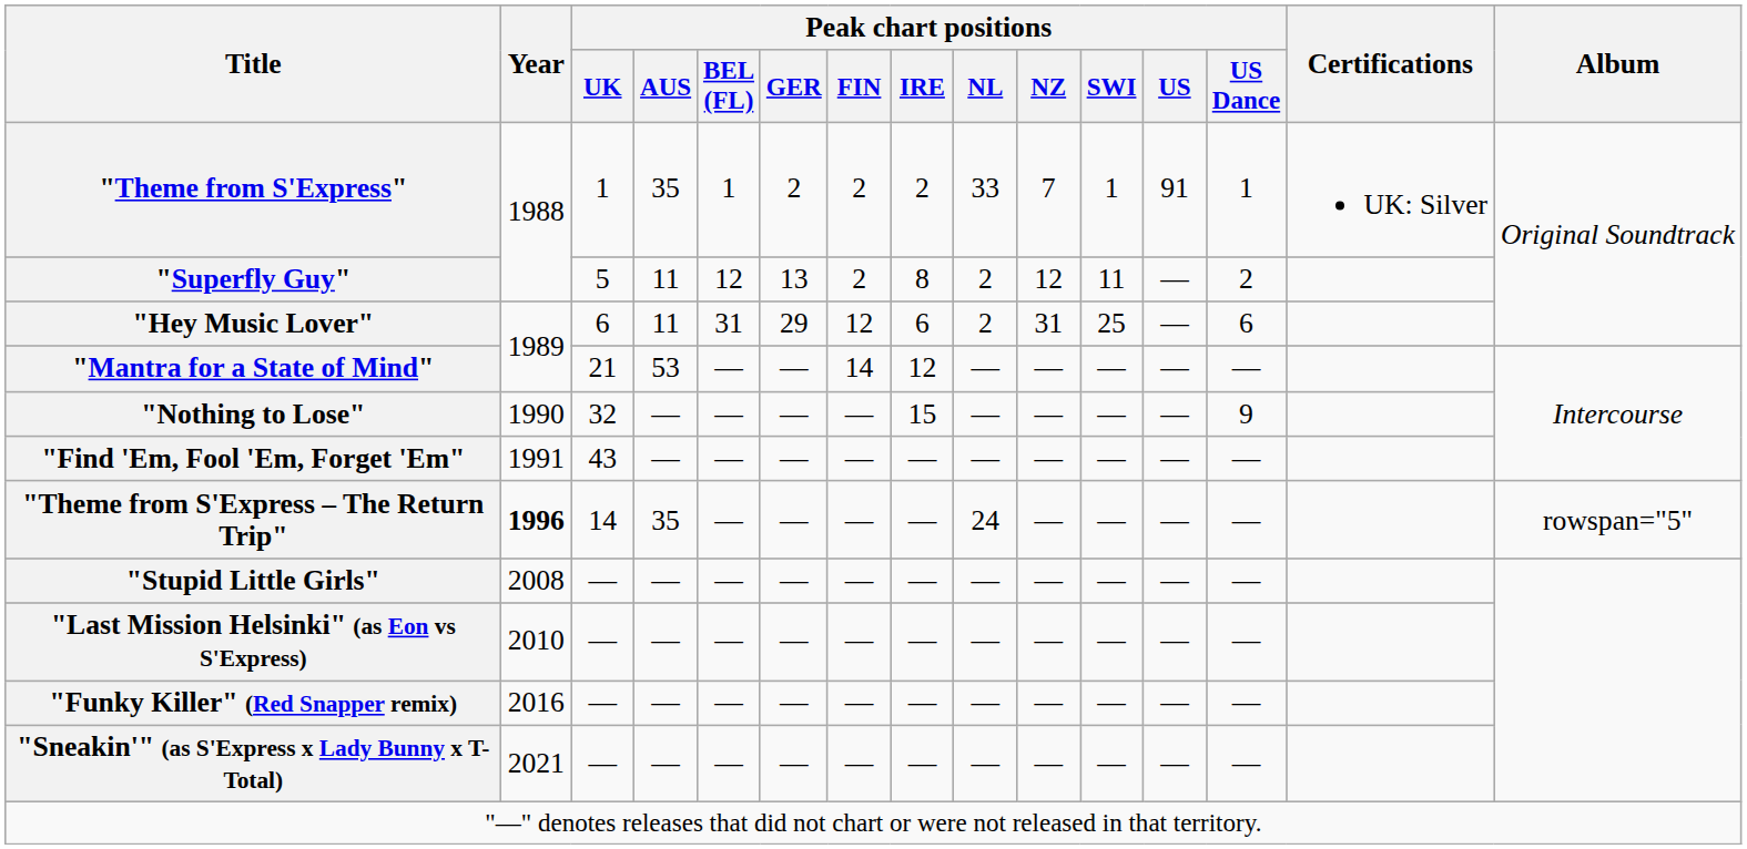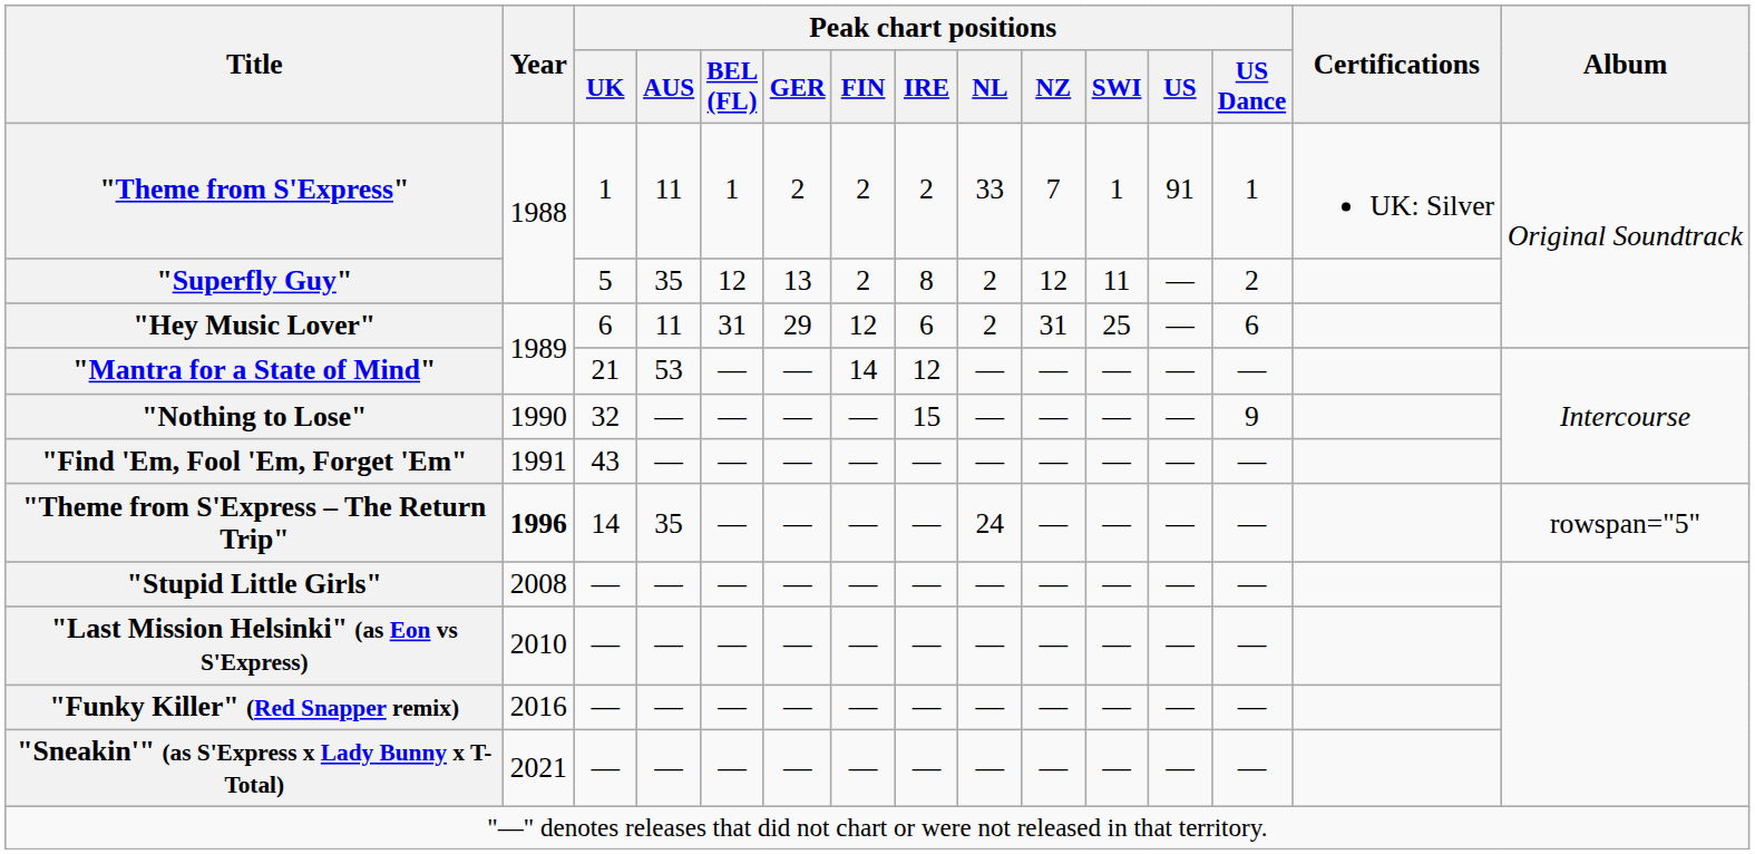 <table class="wikitable plainrowheaders" style="text-align:center;">
 <tr>
 <th rowspan="2" scope="col" style="width:17em;">Title</th>
 <th rowspan="2" scope="col" style="width:2em;">Year</th>
 <th colspan="11">Peak chart positions</th>
 <th rowspan="2">Certifications</th>
 <th rowspan="2">Album</th>
 </tr>
 <tr>
 <th scope="col" style="width:2em;font-size:90%;"><a href='#'>UK</a><br></th>
 <th scope="col" style="width:2em;font-size:90%;"><a href='#'>AUS</a><br></th>
 <th scope="col" style="width:2em;font-size:90%;"><a href='#'>BEL<br>(FL)</a><br></th>
 <th scope="col" style="width:2em;font-size:90%;"><a href='#'>GER</a><br></th>
 <th scope="col" style="width:2em;font-size:90%;"><a href='#'>FIN</a><br></th>
 <th scope="col" style="width:2em;font-size:90%;"><a href='#'>IRE</a><br></th>
 <th scope="col" style="width:2em;font-size:90%;"><a href='#'>NL</a><br></th>
 <th scope="col" style="width:2em;font-size:90%;"><a href='#'>NZ</a><br></th>
 <th scope="col" style="width:2em;font-size:90%;"><a href='#'>SWI</a><br></th>
 <th scope="col" style="width:2em;font-size:90%;"><a href='#'>US</a><br></th>
 <th scope="col" style="width:2em;font-size:90%;"><a href='#'>US Dance</a></th>
 </tr>
 <tr>
 <th scope="row">"<a href='#'>Theme from S'Express</a>"</th>
 <td rowspan="2">1988</td>
 <td>1</td>
-<td>35</td>
+<td>11</td>
 <td>1</td>
 <td>2</td>
 <td>2</td>
 <td>2</td>
 <td>33</td>
 <td>7</td>
 <td>1</td>
 <td>91</td>
 <td>1</td>
 <td><br><ul><li>UK: Silver</li></ul></td>
 <td rowspan="3"><em>Original Soundtrack</em></td>
 </tr>
 <tr>
 <th scope="row">"<a href='#'>Superfly Guy</a>"</th>
 <td>5</td>
-<td>11</td>
+<td>35</td>
 <td>12</td>
 <td>13</td>
 <td>2</td>
 <td>8</td>
 <td>2</td>
 <td>12</td>
 <td>11</td>
 <td>—</td>
 <td>2</td>
 <td></td>
 </tr>
 <tr>
 <th scope="row">"Hey Music Lover"</th>
 <td rowspan="2">1989</td>
 <td>6</td>
 <td>11</td>
 <td>31</td>
 <td>29</td>
 <td>12</td>
 <td>6</td>
 <td>2</td>
 <td>31</td>
 <td>25</td>
 <td>—</td>
 <td>6</td>
 <td></td>
 </tr>
 <tr>
 <th scope="row">"<a href='#'>Mantra for a State of Mind</a>"</th>
 <td>21</td>
 <td>53</td>
 <td>—</td>
 <td>—</td>
 <td>14</td>
 <td>12</td>
 <td>—</td>
 <td>—</td>
 <td>—</td>
 <td>—</td>
 <td>—</td>
 <td></td>
 <td rowspan="3"><em>Intercourse</em></td>
 </tr>
 <tr>
 <th scope="row">"Nothing to Lose"</th>
 <td>1990</td>
 <td>32</td>
 <td>—</td>
 <td>—</td>
 <td>—</td>
 <td>—</td>
 <td>15</td>
 <td>—</td>
 <td>—</td>
 <td>—</td>
 <td>—</td>
 <td>9</td>
 <td></td>
 </tr>
 <tr>
 <th scope="row">"Find 'Em, Fool 'Em, Forget 'Em"</th>
 <td>1991</td>
 <td>43</td>
 <td>—</td>
 <td>—</td>
 <td>—</td>
 <td>—</td>
 <td>—</td>
 <td>—</td>
 <td>—</td>
 <td>—</td>
 <td>—</td>
 <td>—</td>
 <td></td>
 </tr>
 <tr>
 <th scope="row">"Theme from S'Express – The Return Trip" </th>
 <td><strong>1996</strong></td>
 <td>14</td>
 <td>35</td>
 <td>—</td>
 <td>—</td>
 <td>—</td>
 <td>—</td>
 <td>24</td>
 <td>—</td>
 <td>—</td>
 <td>—</td>
 <td>—</td>
 <td></td>
 <td>rowspan="5" </td>
 </tr>
 <tr>
 <th scope="row">"Stupid Little Girls" </th>
 <td>2008</td>
 <td>—</td>
 <td>—</td>
 <td>—</td>
 <td>—</td>
 <td>—</td>
 <td>—</td>
 <td>—</td>
 <td>—</td>
 <td>—</td>
 <td>—</td>
 <td>—</td>
 <td></td>
 </tr>
 <tr>
 <th scope="row">"Last Mission Helsinki" <small>(as <a href='#'>Eon</a> vs S'Express)</small></th>
 <td>2010</td>
 <td>—</td>
 <td>—</td>
 <td>—</td>
 <td>—</td>
 <td>—</td>
 <td>—</td>
 <td>—</td>
 <td>—</td>
 <td>—</td>
 <td>—</td>
 <td>—</td>
 <td></td>
 </tr>
 <tr>
 <th scope="row">"Funky Killer" <small>(<a href='#'>Red Snapper</a> remix)</small></th>
 <td>2016</td>
 <td>—</td>
 <td>—</td>
 <td>—</td>
 <td>—</td>
 <td>—</td>
 <td>—</td>
 <td>—</td>
 <td>—</td>
 <td>—</td>
 <td>—</td>
 <td>—</td>
 <td></td>
 </tr>
 <tr>
 <th scope="row">"Sneakin'" <small>(as S'Express x <a href='#'>Lady Bunny</a> x T-Total)</small></th>
 <td>2021</td>
 <td>—</td>
 <td>—</td>
 <td>—</td>
 <td>—</td>
 <td>—</td>
 <td>—</td>
 <td>—</td>
 <td>—</td>
 <td>—</td>
 <td>—</td>
 <td>—</td>
 <td></td>
 </tr>
 <tr>
 <td colspan="15" style="font-size:90%">"—" denotes releases that did not chart or were not released in that territory.</td>
 </tr>
 </table>
